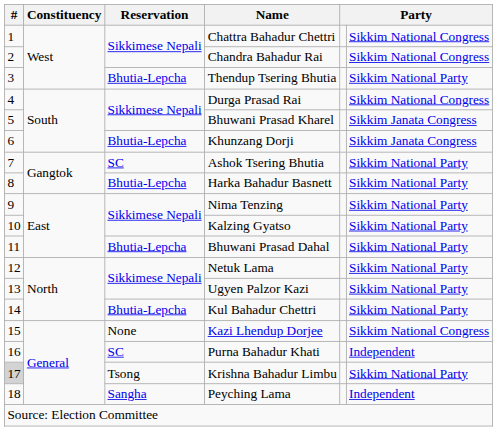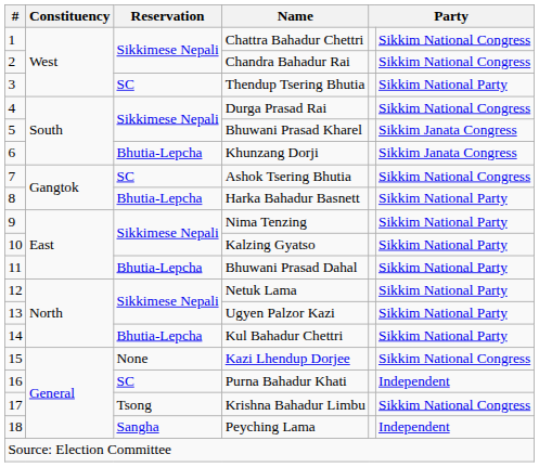 <table class="wikitable sortable">
 <tr>
 <th>#</th>
 <th>Constituency</th>
 <th>Reservation</th>
 <th>Name</th>
 <th colspan=2>Party</th>
 </tr>
 <tr>
 <td>1</td>
 <td rowspan=3>West</td>
 <td rowspan=2><a href='#'>Sikkimese Nepali</a></td>
 <td>Chattra Bahadur Chettri</td>
 <td style="background-color: "></td>
 <td><a href='#'>Sikkim National Congress</a></td>
 </tr>
 <tr>
 <td>2</td>
 <td>Chandra Bahadur Rai</td>
 <td style="background-color: "></td>
 <td><a href='#'>Sikkim National Congress</a></td>
 </tr>
 <tr>
 <td>3</td>
-<td><a href='#'>Bhutia-Lepcha</a></td>
+<td><a href='#'>SC</a></td>
 <td>Thendup Tsering Bhutia</td>
 <td style="background-color: "></td>
 <td><a href='#'>Sikkim National Party</a></td>
 </tr>
 <tr>
 <td>4</td>
 <td rowspan=3>South</td>
 <td rowspan=2><a href='#'>Sikkimese Nepali</a></td>
 <td>Durga Prasad Rai</td>
 <td style="background-color: "></td>
 <td><a href='#'>Sikkim National Congress</a></td>
 </tr>
 <tr>
 <td>5</td>
 <td>Bhuwani Prasad Kharel</td>
 <td style="background-color: "></td>
 <td><a href='#'>Sikkim Janata Congress</a></td>
 </tr>
 <tr>
 <td>6</td>
 <td><a href='#'>Bhutia-Lepcha</a></td>
 <td>Khunzang Dorji</td>
 <td style="background-color: "></td>
 <td><a href='#'>Sikkim Janata Congress</a></td>
 </tr>
 <tr>
 <td>7</td>
 <td rowspan=2>Gangtok</td>
 <td><a href='#'>SC</a></td>
 <td>Ashok Tsering Bhutia</td>
 <td style="background-color: "></td>
-<td><a href='#'>Sikkim National Party</a></td>
+<td><a href='#'>Sikkim National Congress</a></td>
 </tr>
 <tr>
 <td>8</td>
 <td><a href='#'>Bhutia-Lepcha</a></td>
 <td>Harka Bahadur Basnett</td>
 <td style="background-color: "></td>
 <td><a href='#'>Sikkim National Party</a></td>
 </tr>
 <tr>
 <td>9</td>
 <td rowspan=3>East</td>
 <td rowspan=2><a href='#'>Sikkimese Nepali</a></td>
 <td>Nima Tenzing</td>
 <td style="background-color: "></td>
 <td><a href='#'>Sikkim National Party</a></td>
 </tr>
 <tr>
 <td>10</td>
 <td>Kalzing Gyatso</td>
 <td style="background-color: "></td>
 <td><a href='#'>Sikkim National Party</a></td>
 </tr>
 <tr>
 <td>11</td>
 <td><a href='#'>Bhutia-Lepcha</a></td>
 <td>Bhuwani Prasad Dahal</td>
 <td style="background-color: "></td>
 <td><a href='#'>Sikkim National Party</a></td>
 </tr>
 <tr>
 <td>12</td>
 <td rowspan=3>North</td>
 <td rowspan=2><a href='#'>Sikkimese Nepali</a></td>
 <td>Netuk Lama</td>
 <td style="background-color: "></td>
 <td><a href='#'>Sikkim National Party</a></td>
 </tr>
 <tr>
 <td>13</td>
 <td>Ugyen Palzor Kazi</td>
 <td style="background-color: "></td>
 <td><a href='#'>Sikkim National Party</a></td>
 </tr>
 <tr>
 <td>14</td>
 <td><a href='#'>Bhutia-Lepcha</a></td>
 <td>Kul Bahadur Chettri</td>
 <td style="background-color: "></td>
 <td><a href='#'>Sikkim National Party</a></td>
 </tr>
 <tr>
 <td>15</td>
 <td rowspan=4><a href='#'>General</a></td>
 <td>None</td>
 <td><a href='#'>Kazi Lhendup Dorjee</a></td>
 <td style="background-color: "></td>
 <td><a href='#'>Sikkim National Congress</a></td>
 </tr>
 <tr>
 <td>16</td>
 <td><a href='#'>SC</a></td>
 <td>Purna Bahadur Khati</td>
 <td style="background-color: "></td>
 <td><a href='#'>Independent</a></td>
 </tr>
 <tr>
-<td style="background: lightgrey;">17</td>
+<td>17</td>
 <td>Tsong</td>
 <td>Krishna Bahadur Limbu</td>
 <td style="background-color: "></td>
-<td><a href='#'>Sikkim National Party</a></td>
+<td><a href='#'>Sikkim National Congress</a></td>
 </tr>
 <tr>
 <td>18</td>
 <td><a href='#'>Sangha</a></td>
 <td>Peyching Lama</td>
 <td style="background-color: "></td>
 <td><a href='#'>Independent</a></td>
 </tr>
 <tr class="sortbottom">
 <td colspan=6>Source: Election Committee</td>
 </tr>
 </table>
